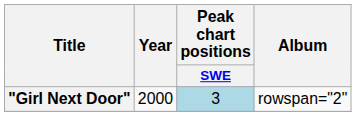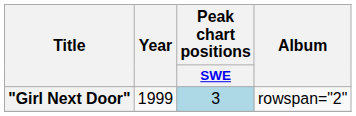 <table class="wikitable plainrowheaders" style="text-align:center;">
 <tr>
 <th scope="col" rowspan="2">Title</th>
 <th scope="col" rowspan="2">Year</th>
 <th scope="col" colspan="1">Peak chart positions</th>
 <th scope="col" rowspan="2">Album</th>
 </tr>
 <tr>
 <th scope="col" style="width:3em;font-size:85%;"><a href='#'>SWE</a></th>
 </tr>
 <tr>
 <th scope="row">"Girl Next Door"</th>
-<td>2000</td>
+<td>1999</td>
 <td style="background: lightblue;">3</td>
 <td>rowspan="2" </td>
 </tr>
 <tr>
 </tr>
 </table>
